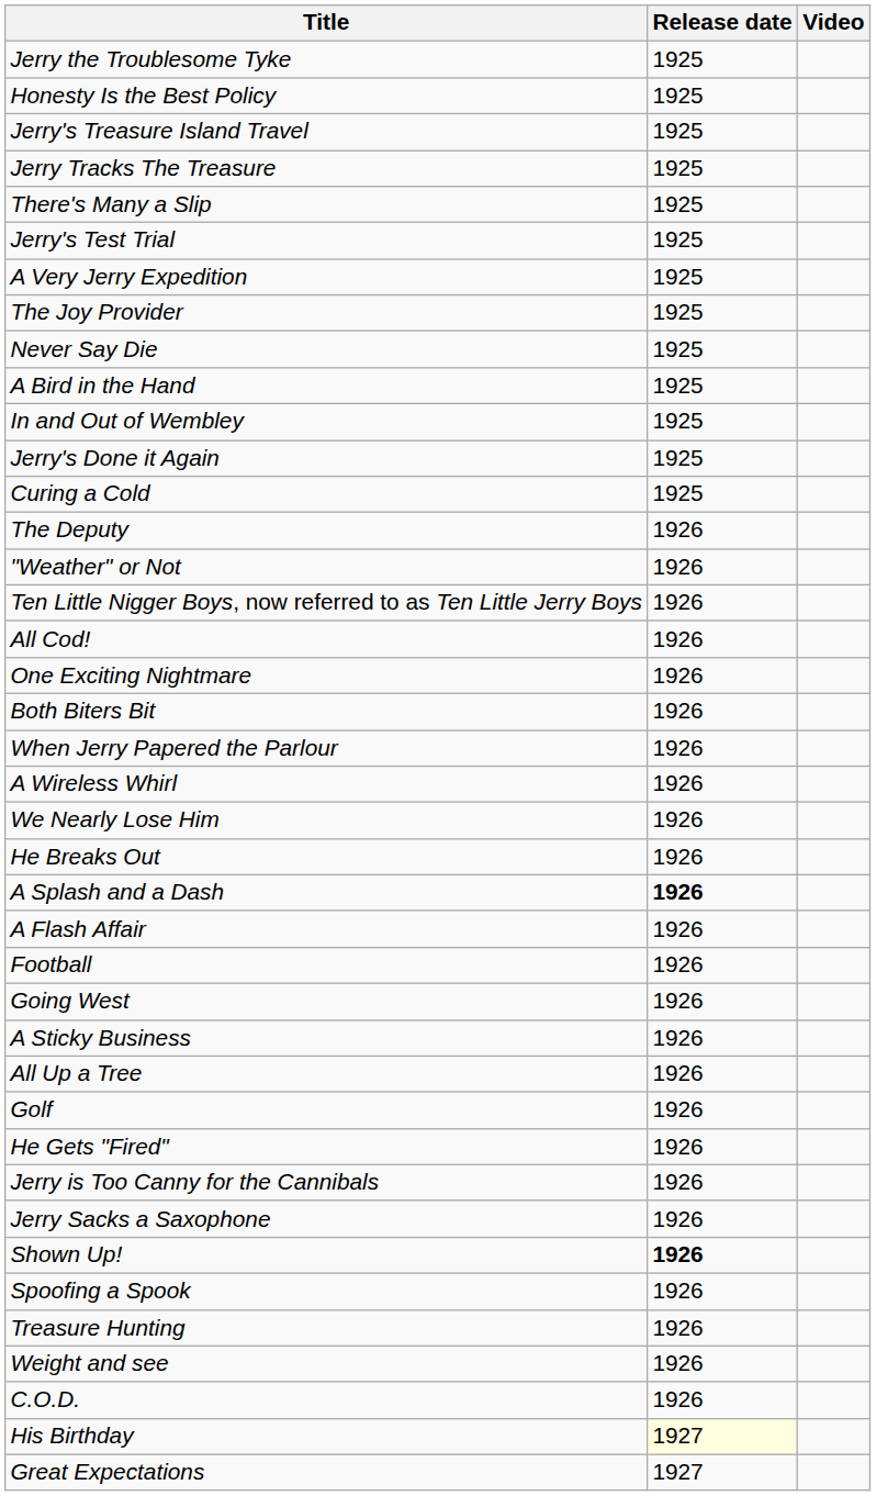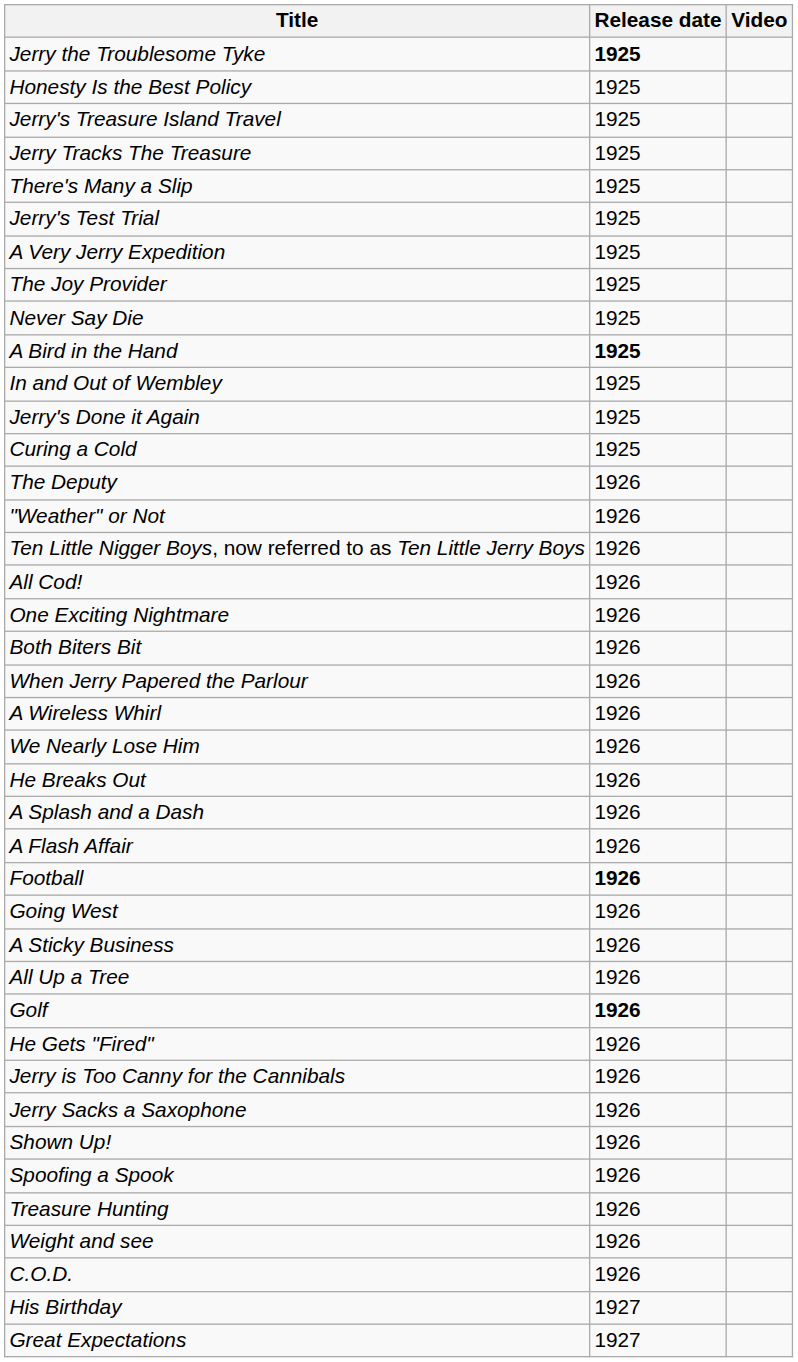 <table class="wikitable sortable">
 <tr>
 <th>Title</th>
 <th>Release date</th>
 <th>Video</th>
 </tr>
 <tr>
 <td><em>Jerry the Troublesome Tyke</em></td>
-<td>1925</td>
+<td><strong>1925</strong></td>
 <td></td>
 </tr>
 <tr>
 <td><em>Honesty Is the Best Policy</em></td>
 <td>1925</td>
 <td></td>
 </tr>
 <tr>
 <td><em>Jerry's Treasure Island Travel</em></td>
 <td>1925</td>
 <td></td>
 </tr>
 <tr>
 <td><em>Jerry Tracks The Treasure</em></td>
 <td>1925</td>
 <td></td>
 </tr>
 <tr>
 <td><em>There's Many a Slip</em></td>
 <td>1925</td>
 <td></td>
 </tr>
 <tr>
 <td><em>Jerry's Test Trial</em></td>
 <td>1925</td>
 <td></td>
 </tr>
 <tr>
 <td><em>A Very Jerry Expedition</em></td>
 <td>1925</td>
 <td></td>
 </tr>
 <tr>
 <td><em>The Joy Provider</em></td>
 <td>1925</td>
 <td></td>
 </tr>
 <tr>
 <td><em>Never Say Die</em></td>
 <td>1925</td>
 <td></td>
 </tr>
 <tr>
 <td><em>A Bird in the Hand</em></td>
-<td>1925</td>
+<td><strong>1925</strong></td>
 <td></td>
 </tr>
 <tr>
 <td><em>In and Out of Wembley</em></td>
 <td>1925</td>
 <td></td>
 </tr>
 <tr>
 <td><em>Jerry's Done it Again</em></td>
 <td>1925</td>
 <td></td>
 </tr>
 <tr>
 <td><em>Curing a Cold</em></td>
 <td>1925</td>
 <td></td>
 </tr>
 <tr>
 <td><em>The Deputy</em></td>
 <td>1926</td>
 <td></td>
 </tr>
 <tr>
 <td><em>"Weather" or Not</em></td>
 <td>1926</td>
 <td></td>
 </tr>
 <tr>
 <td><em>Ten Little Nigger Boys</em>, now referred to as <em>Ten Little Jerry Boys</em></td>
 <td>1926</td>
 <td></td>
 </tr>
 <tr>
 <td><em>All Cod!</em></td>
 <td>1926</td>
 <td></td>
 </tr>
 <tr>
 <td><em>One Exciting Nightmare</em></td>
 <td>1926</td>
 <td></td>
 </tr>
 <tr>
 <td><em>Both Biters Bit</em></td>
 <td>1926</td>
 <td></td>
 </tr>
 <tr>
 <td><em>When Jerry Papered the Parlour</em></td>
 <td>1926</td>
 <td></td>
 </tr>
 <tr>
 <td><em>A Wireless Whirl</em></td>
 <td>1926</td>
 <td></td>
 </tr>
 <tr>
 <td><em>We Nearly Lose Him</em></td>
 <td>1926</td>
 <td></td>
 </tr>
 <tr>
 <td><em>He Breaks Out</em></td>
 <td>1926</td>
 <td></td>
 </tr>
 <tr>
 <td><em>A Splash and a Dash</em></td>
-<td><strong>1926</strong></td>
+<td>1926</td>
 <td></td>
 </tr>
 <tr>
 <td><em>A Flash Affair</em></td>
 <td>1926</td>
 <td></td>
 </tr>
 <tr>
 <td><em>Football</em></td>
-<td>1926</td>
+<td><strong>1926</strong></td>
 <td></td>
 </tr>
 <tr>
 <td><em>Going West</em></td>
 <td>1926</td>
 <td></td>
 </tr>
 <tr>
 <td><em>A Sticky Business</em></td>
 <td>1926</td>
 <td></td>
 </tr>
 <tr>
 <td><em>All Up a Tree</em></td>
 <td>1926</td>
 <td></td>
 </tr>
 <tr>
 <td><em>Golf</em></td>
-<td>1926</td>
+<td><strong>1926</strong></td>
 <td></td>
 </tr>
 <tr>
 <td><em>He Gets "Fired"</em></td>
 <td>1926</td>
 <td></td>
 </tr>
 <tr>
 <td><em>Jerry is Too Canny for the Cannibals</em></td>
 <td>1926</td>
 <td></td>
 </tr>
 <tr>
 <td><em>Jerry Sacks a Saxophone</em></td>
 <td>1926</td>
 <td></td>
 </tr>
 <tr>
 <td><em>Shown Up!</em></td>
-<td><strong>1926</strong></td>
+<td>1926</td>
 <td></td>
 </tr>
 <tr>
 <td><em>Spoofing a Spook</em></td>
 <td>1926</td>
 <td></td>
 </tr>
 <tr>
 <td><em>Treasure Hunting</em></td>
 <td>1926</td>
 <td></td>
 </tr>
 <tr>
 <td><em>Weight and see</em></td>
 <td>1926</td>
 <td></td>
 </tr>
 <tr>
 <td><em>C.O.D.</em></td>
 <td>1926</td>
 <td></td>
 </tr>
 <tr>
 <td><em>His Birthday</em></td>
-<td style="background: lightyellow;">1927</td>
+<td>1927</td>
 <td></td>
 </tr>
 <tr>
 <td><em>Great Expectations</em></td>
 <td>1927</td>
 <td></td>
 </tr>
 </table>
